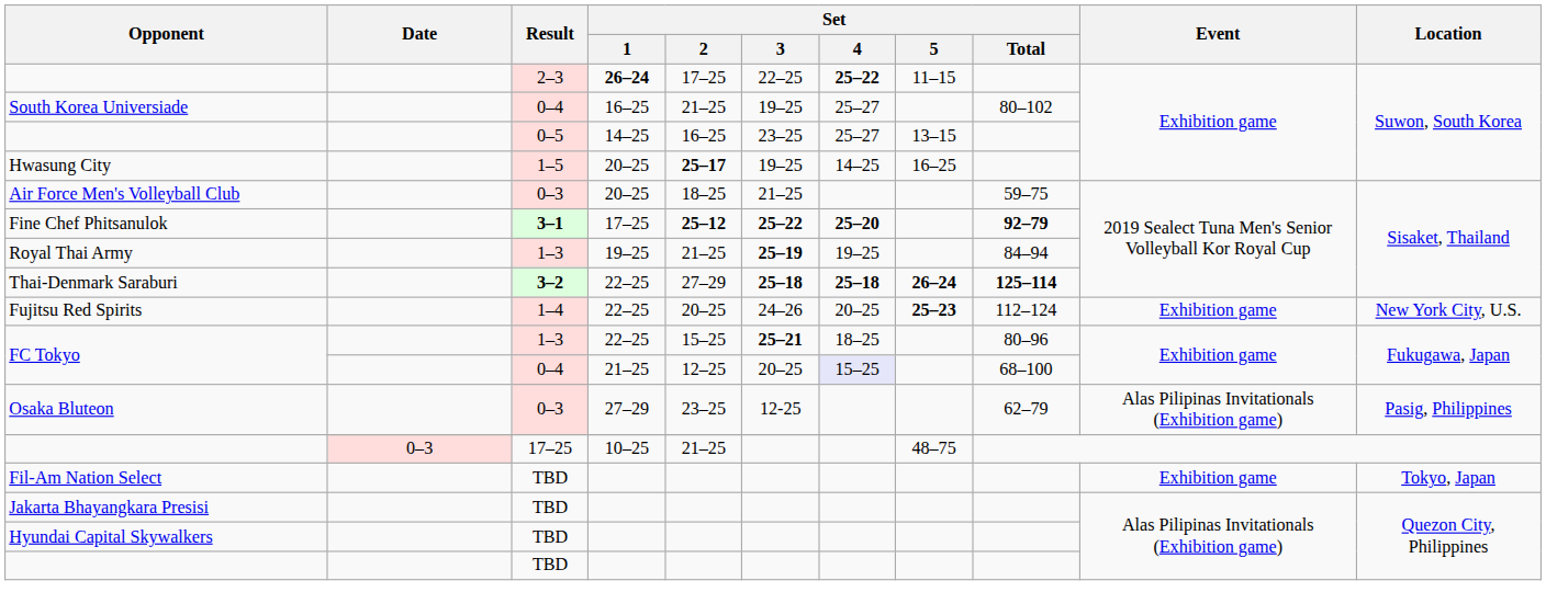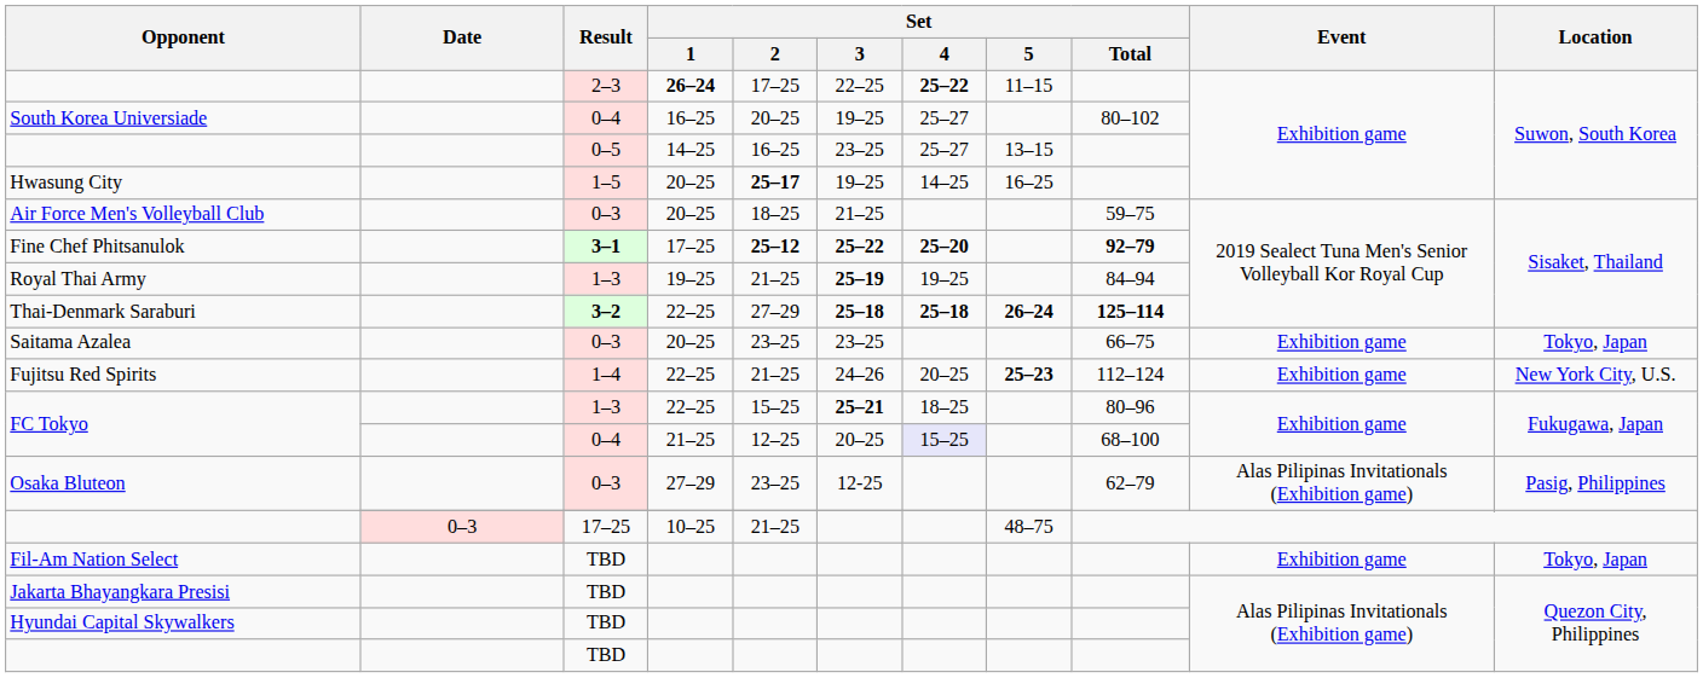 <table class="wikitable" style="font-size: 90%">
 <tr>
 <th rowspan=2 width=21%>Opponent</th>
 <th rowspan=2 width=12%>Date</th>
 <th rowspan=2 width=5%>Result</th>
 <th colspan=6>Set</th>
 <th rowspan=2 width=18%>Event</th>
 <th rowspan=2 width=19%>Location</th>
 </tr>
 <tr>
 <th width=5%>1</th>
 <th width=5%>2</th>
 <th width=5%>3</th>
 <th width=5%>4</th>
 <th width=5%>5</th>
 <th width=7%>Total</th>
 </tr>
 <tr style="text-align:center;">
 <td style="text-align:left;"></td>
 <td></td>
 <td style="background:#ffdddd;">2–3</td>
 <td><strong>26–24</strong></td>
 <td>17–25</td>
 <td>22–25</td>
 <td><strong>25–22</strong></td>
 <td>11–15</td>
 <td></td>
 <td rowspan=4 align=center><a href='#'>Exhibition game</a></td>
 <td rowspan=4 align=center><a href='#'>Suwon</a>, <a href='#'>South Korea</a></td>
 </tr>
 <tr style="text-align:center;">
 <td style="text-align:left;"> <a href='#'>South Korea Universiade</a></td>
 <td></td>
 <td style="background:#ffdddd;">0–4</td>
 <td>16–25</td>
-<td>21–25</td>
+<td>20–25</td>
 <td>19–25</td>
 <td>25–27</td>
 <td></td>
 <td>80–102</td>
 </tr>
 <tr style="text-align:center;">
 <td style="text-align:left;"></td>
 <td></td>
 <td style="background:#ffdddd;">0–5</td>
 <td>14–25</td>
 <td>16–25</td>
 <td>23–25</td>
 <td>25–27</td>
 <td>13–15</td>
 <td></td>
 </tr>
 <tr style="text-align:center;">
 <td style="text-align:left;"> Hwasung City</td>
 <td></td>
 <td style="background:#ffdddd;">1–5</td>
 <td>20–25</td>
 <td><strong>25–17</strong></td>
 <td>19–25</td>
 <td>14–25</td>
 <td>16–25</td>
 <td></td>
 </tr>
 <tr style="text-align:center;">
 <td style="text-align:left;"> <a href='#'>Air Force Men's Volleyball Club</a></td>
 <td></td>
 <td style="background:#ffdddd;">0–3</td>
 <td>20–25</td>
 <td>18–25</td>
 <td>21–25</td>
 <td></td>
 <td></td>
 <td>59–75</td>
 <td align=center rowspan=4>2019 Sealect Tuna Men's Senior Volleyball Kor Royal Cup</td>
 <td align=center rowspan=4><a href='#'>Sisaket</a>, <a href='#'>Thailand</a></td>
 </tr>
 <tr style="text-align:center;">
 <td style="text-align:left;"> Fine Chef Phitsanulok</td>
 <td></td>
 <td style="background:#ddffdd;"><strong>3–1</strong></td>
 <td>17–25</td>
 <td><strong>25–12</strong></td>
 <td><strong>25–22</strong></td>
 <td><strong>25–20</strong></td>
 <td></td>
 <td><strong>92–79</strong></td>
 </tr>
 <tr style="text-align:center;">
 <td style="text-align:left;"> Royal Thai Army</td>
 <td></td>
 <td style="background:#ffdddd;">1–3</td>
 <td>19–25</td>
 <td>21–25</td>
 <td><strong>25–19</strong></td>
 <td>19–25</td>
 <td></td>
 <td>84–94</td>
 </tr>
 <tr style="text-align:center;">
 <td style="text-align:left;"> Thai-Denmark Saraburi</td>
 <td></td>
 <td style="background:#ddffdd;"><strong>3–2</strong></td>
 <td>22–25</td>
 <td>27–29</td>
 <td><strong>25–18</strong></td>
 <td><strong>25–18</strong></td>
 <td><strong>26–24</strong></td>
 <td><strong>125–114</strong></td>
 </tr>
 <tr style="text-align:center;">
+<td style="text-align:left;"> Saitama Azalea</td>
+<td></td>
+<td style="background:#ffdddd;">0–3</td>
+<td>20–25</td>
+<td>23–25</td>
+<td>23–25</td>
+<td></td>
+<td></td>
+<td>66–75</td>
+<td align=center><a href='#'>Exhibition game</a></td>
+<td align=center><a href='#'>Tokyo</a>, <a href='#'>Japan</a></td>
+</tr>
+<tr style="text-align:center;">
 <td style="text-align:left;"> Fujitsu Red Spirits</td>
 <td></td>
 <td style="background:#ffdddd;">1–4</td>
 <td>22–25</td>
-<td>20–25</td>
+<td>21–25</td>
 <td>24–26</td>
 <td>20–25</td>
 <td><strong>25–23</strong></td>
 <td>112–124</td>
 <td align=center><a href='#'>Exhibition game</a></td>
 <td><a href='#'>New York City</a>, U.S.</td>
 </tr>
 <tr style="text-align:center;">
 <td style="text-align:left;" rowspan=2> <a href='#'>FC Tokyo</a></td>
 <td></td>
 <td style="background:#ffdddd;">1–3</td>
 <td>22–25</td>
 <td>15–25</td>
 <td><strong>25–21</strong></td>
 <td>18–25</td>
 <td></td>
 <td>80–96</td>
 <td align=center rowspan=2><a href='#'>Exhibition game</a></td>
 <td align=center rowspan=2><a href='#'>Fukugawa</a>, <a href='#'>Japan</a></td>
 </tr>
 <tr style="text-align:center;">
 <td></td>
 <td style="background:#ffdddd;">0–4</td>
 <td>21–25</td>
 <td>12–25</td>
 <td>20–25</td>
 <td style="background: lavender;">15–25</td>
 <td></td>
 <td>68–100</td>
 </tr>
 <tr style="text-align:center;">
 <td style="text-align:left;" rowspan=2> <a href='#'>Osaka Bluteon</a></td>
 <td></td>
 <td style="background:#ffdddd;">0–3</td>
 <td>27–29</td>
 <td>23–25</td>
 <td>12-25</td>
 <td></td>
 <td></td>
 <td>62–79</td>
 <td rowspan=2 align=center>Alas Pilipinas Invitationals<br>(<a href='#'>Exhibition game</a>)</td>
 <td align=center rowspan=2><a href='#'>Pasig</a>, <a href='#'>Philippines</a></td>
 </tr>
 <tr style="text-align:center;">
 </tr>
 <tr style="text-align:center;">
 <td></td>
 <td style="background:#ffdddd;">0–3</td>
 <td>17–25</td>
 <td>10–25</td>
 <td>21–25</td>
 <td></td>
 <td></td>
 <td>48–75</td>
 </tr>
 <tr style="text-align:center;">
 <td style="text-align:left;"> <a href='#'>Fil-Am Nation Select</a></td>
 <td></td>
 <td>TBD</td>
 <td></td>
 <td></td>
 <td></td>
 <td></td>
 <td></td>
 <td></td>
 <td align=center><a href='#'>Exhibition game</a></td>
 <td align=center><a href='#'>Tokyo</a>, <a href='#'>Japan</a></td>
 </tr>
 <tr style="text-align:center;">
 <td style="text-align:left;"> <a href='#'>Jakarta Bhayangkara Presisi</a></td>
 <td></td>
 <td>TBD</td>
 <td></td>
 <td></td>
 <td></td>
 <td></td>
 <td></td>
 <td></td>
 <td align=center rowspan=3>Alas Pilipinas Invitationals<br>(<a href='#'>Exhibition game</a>)</td>
 <td rowspan=3><a href='#'>Quezon City</a>, Philippines</td>
 </tr>
 <tr style="text-align:center;">
 <td style="text-align:left;"> <a href='#'>Hyundai Capital Skywalkers</a></td>
 <td></td>
 <td>TBD</td>
 <td></td>
 <td></td>
 <td></td>
 <td></td>
 <td></td>
 <td></td>
 </tr>
 <tr style="text-align:center;">
 <td style="text-align:left;"></td>
 <td></td>
 <td>TBD</td>
 <td></td>
 <td></td>
 <td></td>
 <td></td>
 <td></td>
 <td></td>
 </tr>
 </table>
